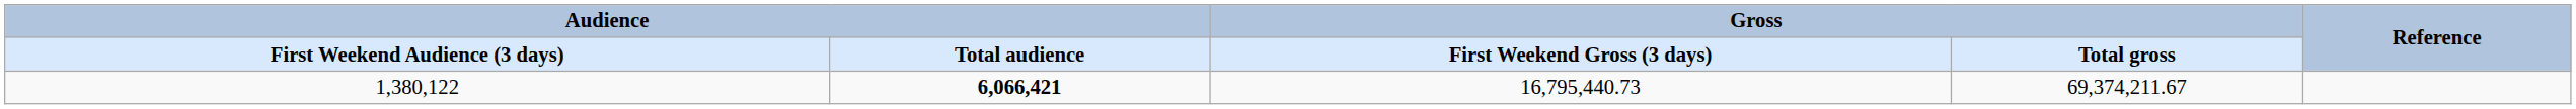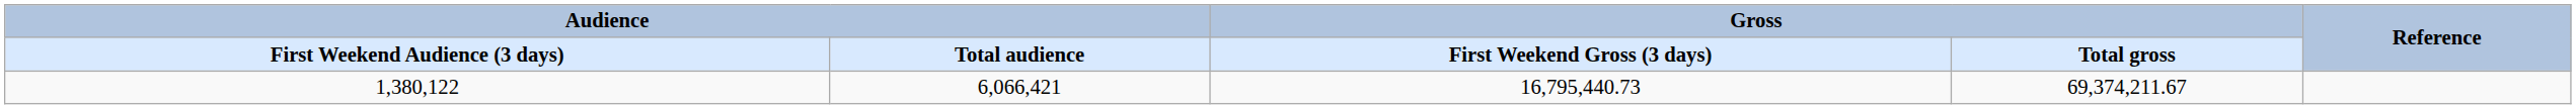 <table class="wikitable" width=99% border="1">
 <tr>
 <td align="center" bgcolor="#b0c4de" colspan="2"><strong>Audience</strong></td>
 <td align="center" bgcolor="#b0c4de" colspan="2" text="wrap"><strong>Gross</strong></td>
 <td align="center" bgcolor="#b0c4de" rowspan="2"><strong>Reference</strong></td>
 </tr>
 <tr>
 <td align="center" bgcolor="#d8e9fe"><strong>First Weekend Audience (3 days)</strong></td>
 <td align="center" bgcolor="#d8e9fe"><strong>Total audience </strong></td>
 <td align="center" bgcolor="#d8e9fe"><strong>First Weekend Gross (3 days)</strong></td>
 <td align="center" bgcolor="#d8e9fe"><strong>Total gross </strong></td>
 </tr>
 <tr>
 <td align="center">1,380,122</td>
-<td align="center"><strong>6,066,421</strong></td>
+<td align="center">6,066,421</td>
 <td align="center">16,795,440.73</td>
 <td align="center">69,374,211.67</td>
 <td align="center"></td>
 </tr>
 </table>
